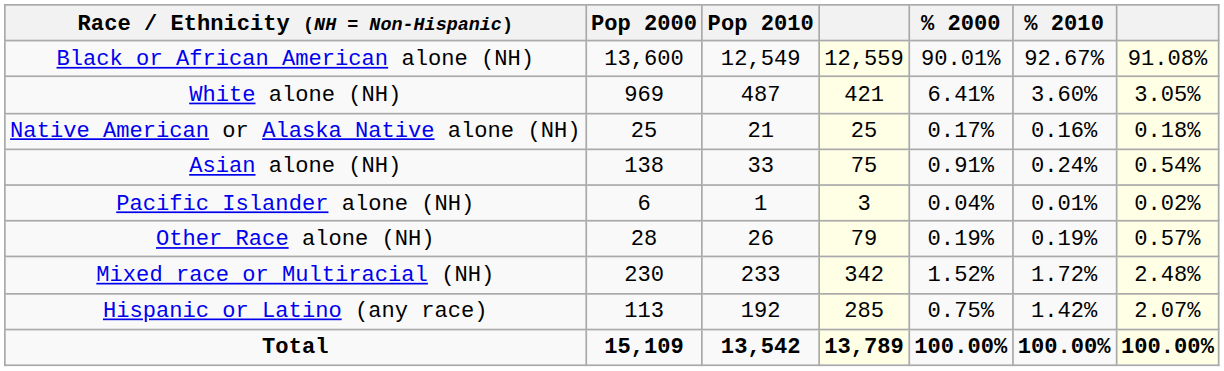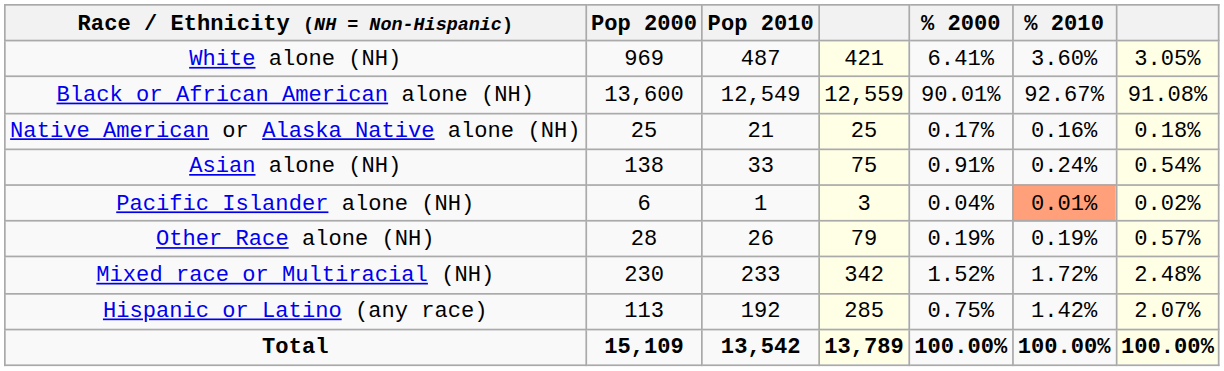 <table class="wikitable" style="text-align:center;">
 <tr>
 <th>Race / Ethnicity <small>(<em>NH = Non-Hispanic</em>)</small></th>
 <th>Pop 2000</th>
 <th>Pop 2010</th>
 <th></th>
 <th>% 2000</th>
 <th>% 2010</th>
 <th></th>
 </tr>
 <tr>
+<td><a href='#'>White</a> alone (NH)</td>
+<td>969</td>
+<td>487</td>
+<td style='background: #ffffe6;'>421</td>
+<td>6.41%</td>
+<td>3.60%</td>
+<td style='background: #ffffe6;'>3.05%</td>
+</tr>
+<tr>
 <td><a href='#'>Black or African American</a> alone (NH)</td>
 <td>13,600</td>
 <td>12,549</td>
 <td style='background: #ffffe6;'>12,559</td>
 <td>90.01%</td>
 <td>92.67%</td>
 <td style='background: #ffffe6;'>91.08%</td>
-</tr>
-<tr>
-<td><a href='#'>White</a> alone (NH)</td>
-<td>969</td>
-<td>487</td>
-<td style='background: #ffffe6;'>421</td>
-<td>6.41%</td>
-<td>3.60%</td>
-<td style='background: #ffffe6;'>3.05%</td>
 </tr>
 <tr>
 <td><a href='#'>Native American</a> or <a href='#'>Alaska Native</a> alone (NH)</td>
 <td>25</td>
 <td>21</td>
 <td style='background: #ffffe6;'>25</td>
 <td>0.17%</td>
 <td>0.16%</td>
 <td style='background: #ffffe6;'>0.18%</td>
 </tr>
 <tr>
 <td><a href='#'>Asian</a> alone (NH)</td>
 <td>138</td>
 <td>33</td>
 <td style='background: #ffffe6;'>75</td>
 <td>0.91%</td>
 <td>0.24%</td>
 <td style='background: #ffffe6;'>0.54%</td>
 </tr>
 <tr>
 <td><a href='#'>Pacific Islander</a> alone (NH)</td>
 <td>6</td>
 <td>1</td>
 <td style='background: #ffffe6;'>3</td>
 <td>0.04%</td>
-<td>0.01%</td>
+<td style="background: lightsalmon;">0.01%</td>
 <td style='background: #ffffe6;'>0.02%</td>
 </tr>
 <tr>
 <td><a href='#'>Other Race</a> alone (NH)</td>
 <td>28</td>
 <td>26</td>
 <td style='background: #ffffe6;'>79</td>
 <td>0.19%</td>
 <td>0.19%</td>
 <td style='background: #ffffe6;'>0.57%</td>
 </tr>
 <tr>
 <td><a href='#'>Mixed race or Multiracial</a> (NH)</td>
 <td>230</td>
 <td>233</td>
 <td style='background: #ffffe6;'>342</td>
 <td>1.52%</td>
 <td>1.72%</td>
 <td style='background: #ffffe6;'>2.48%</td>
 </tr>
 <tr>
 <td><a href='#'>Hispanic or Latino</a> (any race)</td>
 <td>113</td>
 <td>192</td>
 <td style='background: #ffffe6;'>285</td>
 <td>0.75%</td>
 <td>1.42%</td>
 <td style='background: #ffffe6;'>2.07%</td>
 </tr>
 <tr>
 <td><strong>Total</strong></td>
 <td><strong>15,109</strong></td>
 <td><strong>13,542</strong></td>
 <td style='background: #ffffe6;'><strong>13,789</strong></td>
 <td><strong>100.00%</strong></td>
 <td><strong>100.00%</strong></td>
 <td style='background: #ffffe6;'><strong>100.00%</strong></td>
 </tr>
 </table>
